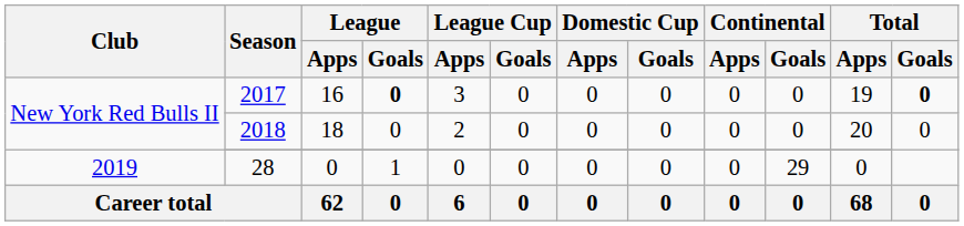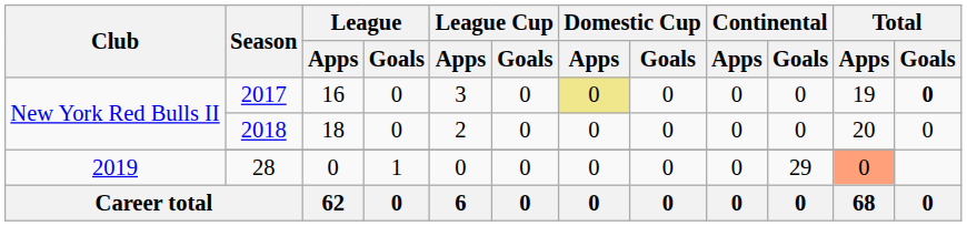 <table class="wikitable" style="text-align: center;">
 <tr>
 <th rowspan="2">Club</th>
 <th rowspan="2">Season</th>
 <th colspan="2">League</th>
 <th colspan="2">League Cup</th>
 <th colspan="2">Domestic Cup</th>
 <th colspan="2">Continental</th>
 <th colspan="2">Total</th>
 </tr>
 <tr>
 <th>Apps</th>
 <th>Goals</th>
 <th>Apps</th>
 <th>Goals</th>
 <th>Apps</th>
 <th>Goals</th>
 <th>Apps</th>
 <th>Goals</th>
 <th>Apps</th>
 <th>Goals</th>
 </tr>
 <tr>
 <td rowspan="3"><a href='#'>New York Red Bulls II</a></td>
 <td><a href='#'>2017</a></td>
 <td>16</td>
-<td><strong>0</strong></td>
+<td>0</td>
 <td>3</td>
 <td>0</td>
-<td>0</td>
+<td style="background: khaki;">0</td>
 <td>0</td>
 <td>0</td>
 <td>0</td>
 <td>19</td>
 <td><strong>0</strong></td>
 </tr>
 <tr>
 <td><a href='#'>2018</a></td>
 <td>18</td>
 <td>0</td>
 <td>2</td>
 <td>0</td>
 <td>0</td>
 <td>0</td>
 <td>0</td>
 <td>0</td>
 <td>20</td>
 <td>0</td>
 </tr>
 <tr>
 </tr>
 <tr>
 <td><a href='#'>2019</a></td>
 <td>28</td>
 <td>0</td>
 <td>1</td>
 <td>0</td>
 <td>0</td>
 <td>0</td>
 <td>0</td>
 <td>0</td>
 <td>29</td>
-<td>0</td>
+<td style="background: lightsalmon;">0</td>
 </tr>
 <tr>
 <th colspan="2">Career total</th>
 <th>62</th>
 <th>0</th>
 <th>6</th>
 <th>0</th>
 <th>0</th>
 <th>0</th>
 <th>0</th>
 <th>0</th>
 <th>68</th>
 <th>0</th>
 </tr>
 </table>
